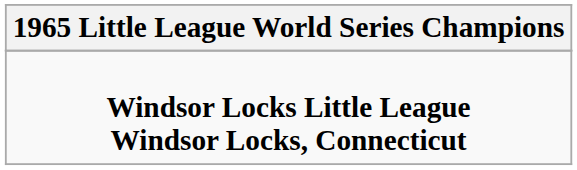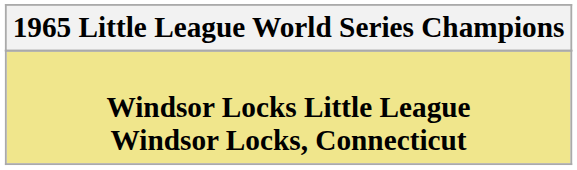 <table class="wikitable" style="text-align: center; margin: 0 auto;">
 <tr>
 <th>1965 Little League World Series Champions</th>
 </tr>
 <tr>
 </tr>
 <tr>
-<td> <br><strong>Windsor Locks Little League</strong><br><strong>Windsor Locks, Connecticut</strong></td>
+<td style="background: khaki;"> <br><strong>Windsor Locks Little League</strong><br><strong>Windsor Locks, Connecticut</strong></td>
 </tr>
 </table>
